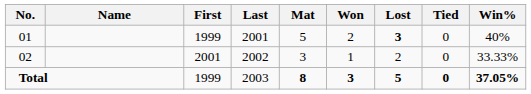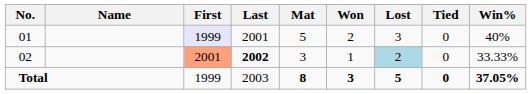 <table class="wikitable sortable" style="margin: 1em auto 1em auto">
 <tr>
 <th width="40">No.</th>
 <th width="160">Name</th>
 <th width="50">First</th>
 <th width="50">Last</th>
 <th width="50">Mat</th>
 <th width="50">Won</th>
 <th width="50">Lost</th>
 <th width="50">Tied</th>
 <th width="60">Win%</th>
 </tr>
 <tr align=center>
 <td><span>0</span>1</td>
 <td align=left></td>
-<td>1999</td>
+<td style="background: lavender;">1999</td>
 <td>2001</td>
 <td>5</td>
 <td>2</td>
-<td><strong>3</strong></td>
+<td>3</td>
 <td>0</td>
 <td>40%</td>
 </tr>
 <tr align=center>
 <td><span>0</span>2</td>
 <td align=left></td>
-<td>2001</td>
-<td>2002</td>
+<td style="background: lightsalmon;">2001</td>
+<td><strong>2002</strong></td>
 <td>3</td>
 <td>1</td>
-<td>2</td>
+<td style="background: lightblue;">2</td>
 <td>0</td>
 <td>33.33%</td>
 </tr>
 <tr class="sortbottom" align=center>
 <td colspan=2 align=left><strong>   Total</strong></td>
 <td>1999</td>
 <td>2003</td>
 <td><strong>8</strong></td>
 <td><strong>3</strong></td>
 <td><strong>5</strong></td>
 <td><strong>0</strong></td>
 <td><strong>37.05%</strong></td>
 </tr>
 </table>
